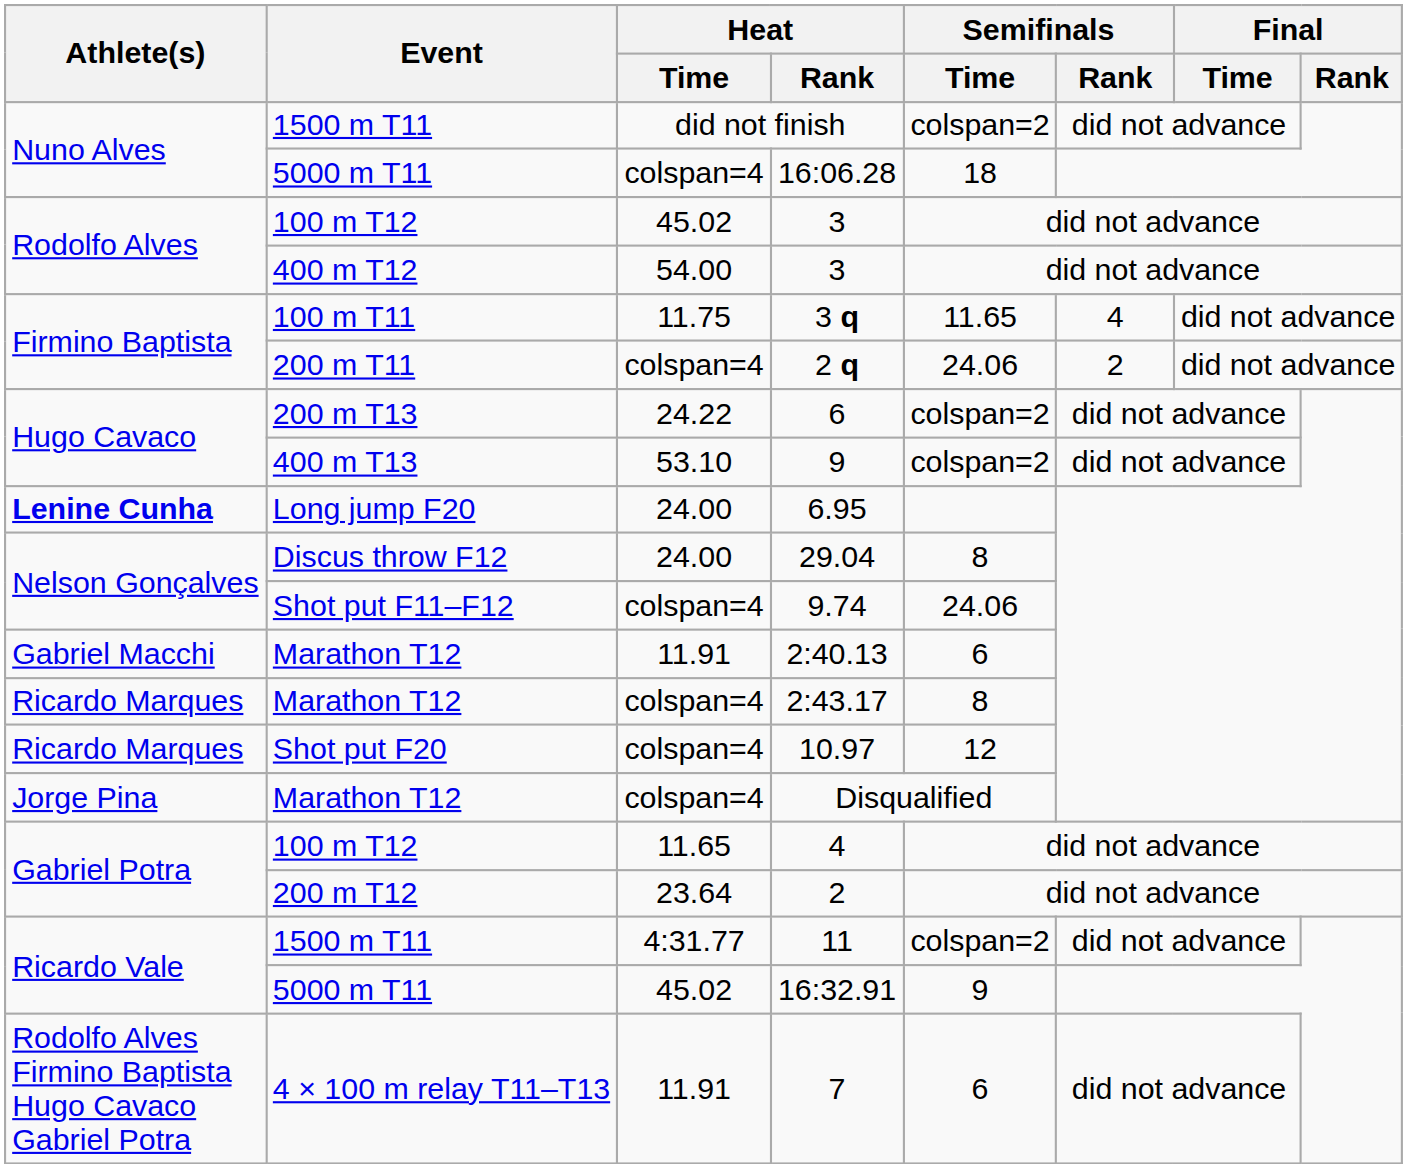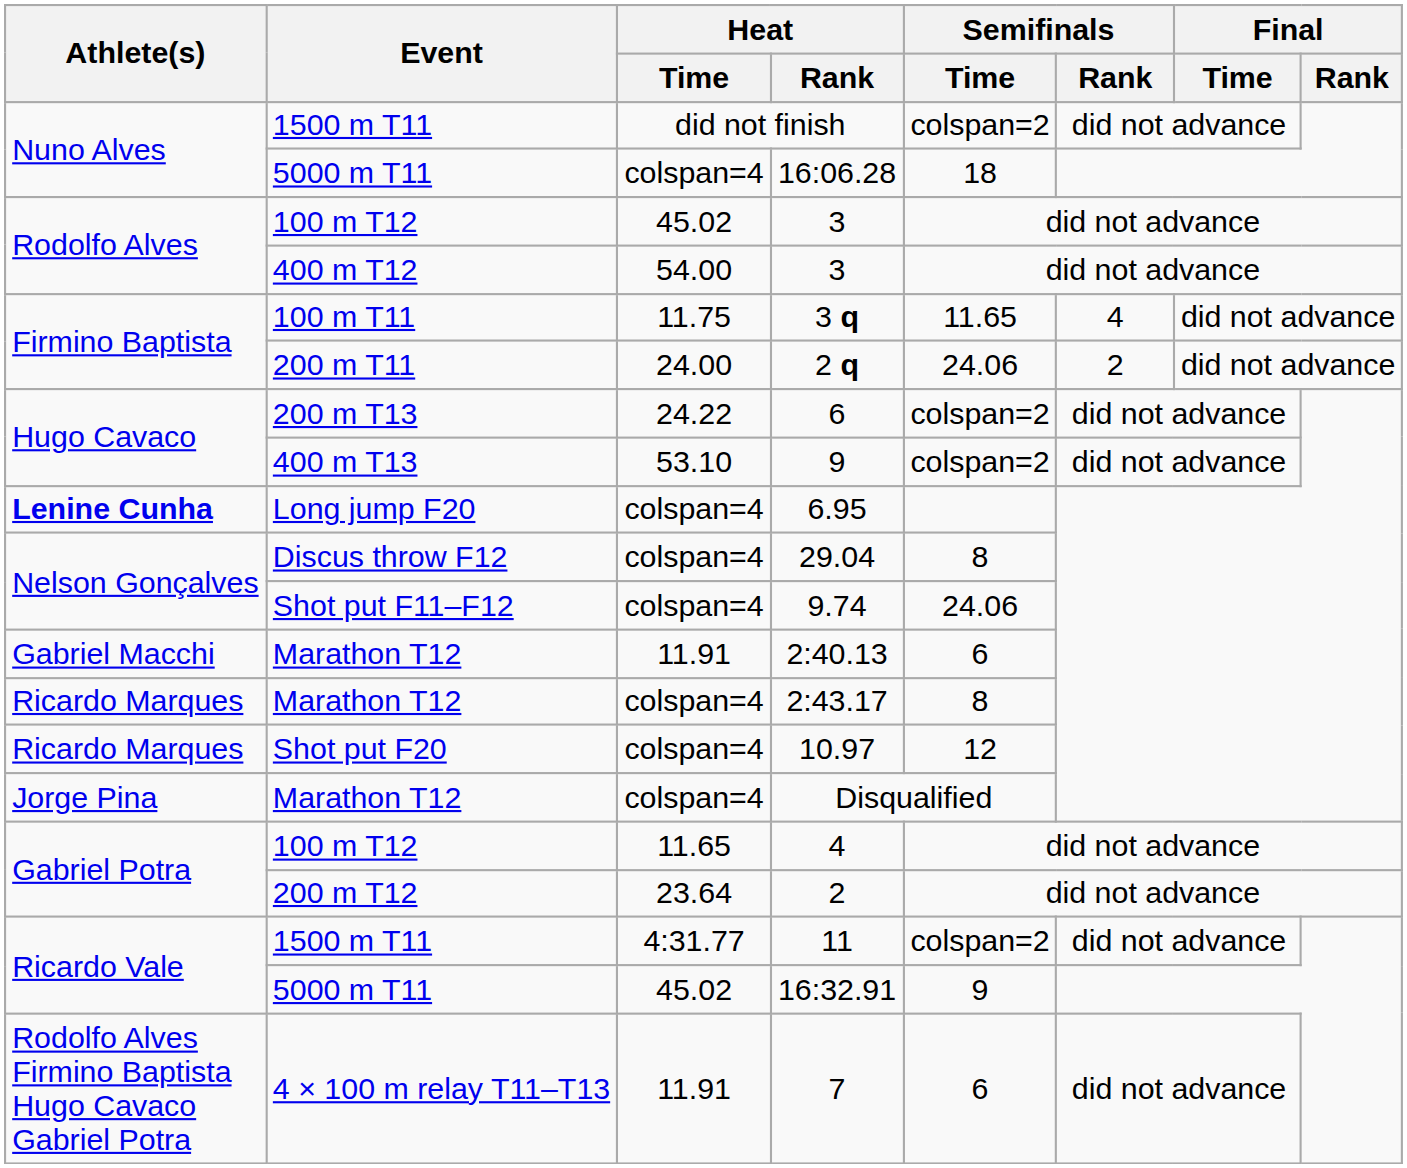 <table class="wikitable" style="font-size:90%;">
 <tr>
 <th rowspan=2>Athlete(s)</th>
 <th rowspan=2>Event</th>
 <th colspan=2>Heat</th>
 <th colspan=2>Semifinals</th>
 <th colspan=2>Final</th>
 </tr>
 <tr>
 <th>Time</th>
 <th>Rank</th>
 <th>Time</th>
 <th>Rank</th>
 <th>Time</th>
 <th>Rank</th>
 </tr>
 <tr>
 <td rowspan=2><a href='#'>Nuno Alves</a></td>
 <td><a href='#'>1500 m T11</a></td>
 <td align=center colspan=2>did not finish</td>
 <td>colspan=2 </td>
 <td align=center colspan=2>did not advance</td>
 </tr>
 <tr>
 <td><a href='#'>5000 m T11</a></td>
 <td>colspan=4 </td>
 <td align=center>16:06.28</td>
 <td align=center>18</td>
 </tr>
 <tr>
 <td rowspan=2><a href='#'>Rodolfo Alves</a></td>
 <td><a href='#'>100 m T12</a></td>
 <td align=center>45.02</td>
 <td align=center>3</td>
 <td align=center colspan=4>did not advance</td>
 </tr>
 <tr>
 <td><a href='#'>400 m T12</a></td>
 <td align=center>54.00</td>
 <td align=center>3</td>
 <td align=center colspan=4>did not advance</td>
 </tr>
 <tr>
 <td rowspan=2><a href='#'>Firmino Baptista</a></td>
 <td><a href='#'>100 m T11</a></td>
 <td align=center>11.75</td>
 <td align=center>3 <strong>q</strong></td>
 <td align=center>11.65</td>
 <td align=center>4</td>
 <td align=center colspan=2>did not advance</td>
 </tr>
 <tr>
 <td><a href='#'>200 m T11</a></td>
-<td>colspan=4 </td>
+<td align=center>24.00</td>
 <td align=center>2 <strong>q</strong></td>
 <td align=center>24.06</td>
 <td align=center>2</td>
 <td align=center colspan=2>did not advance</td>
 </tr>
 <tr>
 <td rowspan=2><a href='#'>Hugo Cavaco</a></td>
 <td><a href='#'>200 m T13</a></td>
 <td align=center>24.22</td>
 <td align=center>6</td>
 <td>colspan=2 </td>
 <td align=center colspan=2>did not advance</td>
 </tr>
 <tr>
 <td><a href='#'>400 m T13</a></td>
 <td align=center>53.10</td>
 <td align=center>9</td>
 <td>colspan=2 </td>
 <td align=center colspan=2>did not advance</td>
 </tr>
 <tr>
 <td><strong><a href='#'>Lenine Cunha</a></strong></td>
 <td><a href='#'>Long jump F20</a></td>
-<td align=center>24.00</td>
+<td>colspan=4 </td>
 <td align=center>6.95</td>
 <td align=center></td>
 </tr>
 <tr>
 <td rowspan=2><a href='#'>Nelson Gonçalves</a></td>
 <td><a href='#'>Discus throw F12</a></td>
-<td align=center>24.00</td>
+<td>colspan=4 </td>
 <td align=center>29.04</td>
 <td align=center>8</td>
 </tr>
 <tr>
 <td><a href='#'>Shot put F11–F12</a></td>
 <td>colspan=4 </td>
 <td align=center>9.74</td>
 <td align=center>24.06</td>
 </tr>
 <tr>
 <td><a href='#'>Gabriel Macchi</a></td>
 <td><a href='#'>Marathon T12</a></td>
 <td align=center>11.91</td>
 <td align=center>2:40.13</td>
 <td align=center>6</td>
 </tr>
 <tr>
 <td><a href='#'>Ricardo Marques</a></td>
 <td><a href='#'>Marathon T12</a></td>
 <td>colspan=4 </td>
 <td align=center>2:43.17</td>
 <td align=center>8</td>
 </tr>
 <tr>
 <td><a href='#'>Ricardo Marques</a></td>
 <td><a href='#'>Shot put F20</a></td>
 <td>colspan=4 </td>
 <td align=center>10.97</td>
 <td align=center>12</td>
 </tr>
 <tr>
 <td><a href='#'>Jorge Pina</a></td>
 <td><a href='#'>Marathon T12</a></td>
 <td>colspan=4 </td>
 <td align=center colspan=2>Disqualified</td>
 </tr>
 <tr>
 <td rowspan=2><a href='#'>Gabriel Potra</a></td>
 <td><a href='#'>100 m T12</a></td>
 <td align=center>11.65</td>
 <td align=center>4</td>
 <td align=center colspan=4>did not advance</td>
 </tr>
 <tr>
 <td><a href='#'>200 m T12</a></td>
 <td align=center>23.64</td>
 <td align=center>2</td>
 <td align=center colspan=4>did not advance</td>
 </tr>
 <tr>
 <td rowspan=2><a href='#'>Ricardo Vale</a></td>
 <td><a href='#'>1500 m T11</a></td>
 <td align=center>4:31.77</td>
 <td align=center>11</td>
 <td>colspan=2 </td>
 <td align=center colspan=2>did not advance</td>
 </tr>
 <tr>
 <td><a href='#'>5000 m T11</a></td>
 <td align=center>45.02</td>
 <td align=center>16:32.91</td>
 <td align=center>9</td>
 </tr>
 <tr>
 <td><a href='#'>Rodolfo Alves</a><br><a href='#'>Firmino Baptista</a><br><a href='#'>Hugo Cavaco</a><br><a href='#'>Gabriel Potra</a></td>
 <td><a href='#'>4 × 100 m relay T11–T13</a></td>
 <td align=center>11.91</td>
 <td align=center>7</td>
 <td align=center>6</td>
 <td align=center colspan=2>did not advance</td>
 </tr>
 </table>
